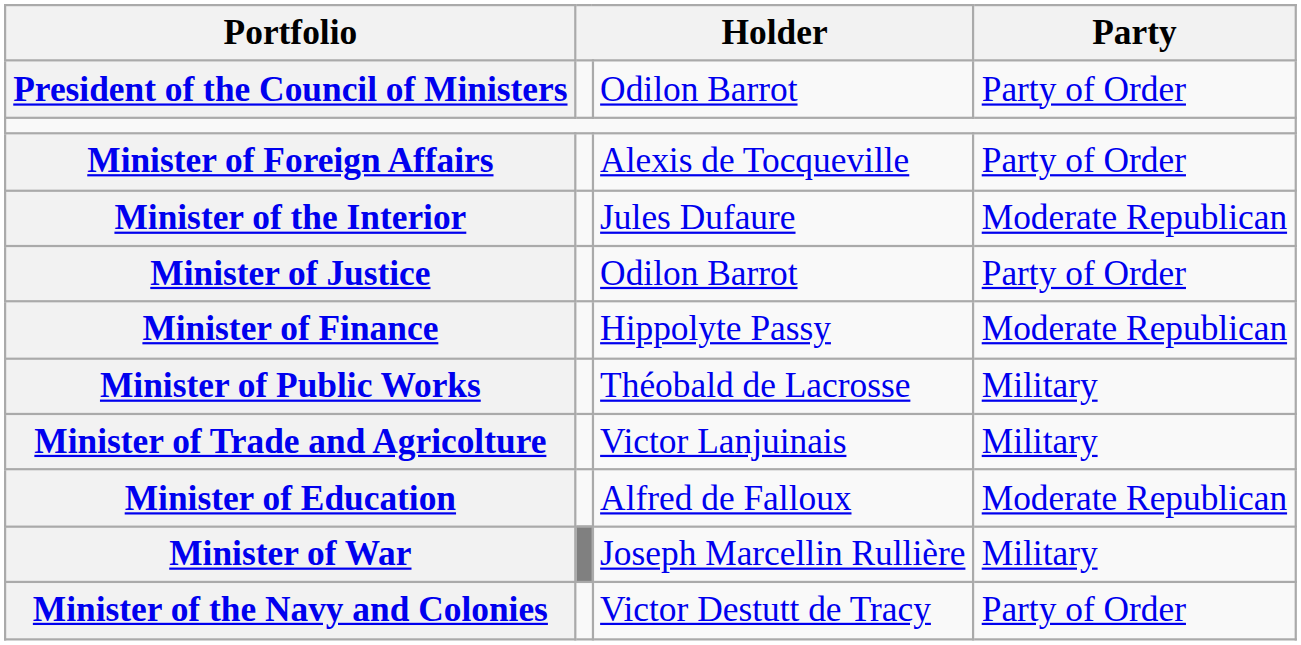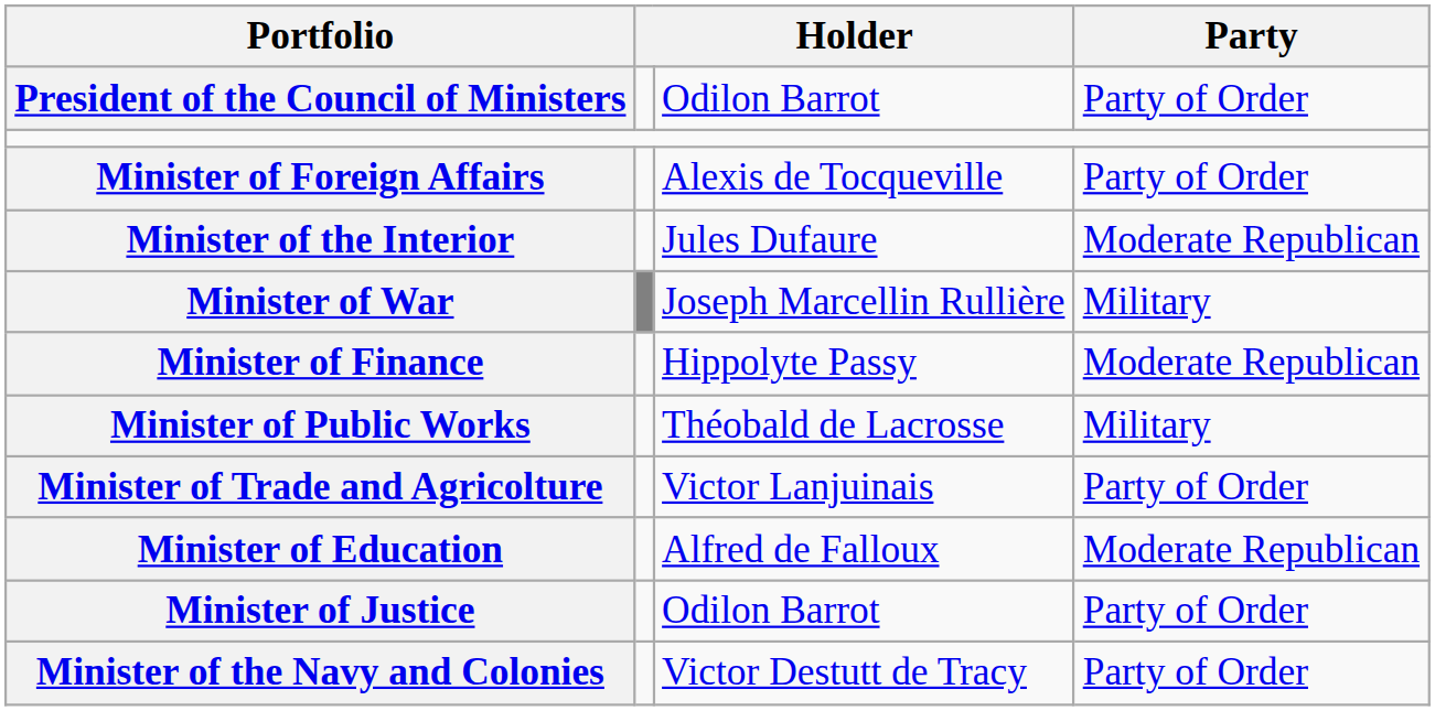 <table class="wikitable">
 <tr>
 <th>Portfolio</th>
 <th colspan=2>Holder</th>
 <th>Party</th>
 </tr>
 <tr>
 <th><a href='#'>President of the Council of Ministers</a></th>
 <td style="background:"></td>
 <td><a href='#'>Odilon Barrot</a></td>
 <td><a href='#'>Party of Order</a></td>
 </tr>
 <tr>
 <td colspan=4></td>
 </tr>
 <tr>
 <th><a href='#'>Minister of Foreign Affairs</a></th>
 <td style="background:"></td>
 <td><a href='#'>Alexis de Tocqueville</a></td>
 <td><a href='#'>Party of Order</a></td>
 </tr>
 <tr>
 <th><a href='#'>Minister of the Interior</a></th>
 <td style="background:"></td>
 <td><a href='#'>Jules Dufaure</a></td>
 <td><a href='#'>Moderate Republican</a></td>
 </tr>
 <tr>
-<th><a href='#'>Minister of Justice</a></th>
-<td style="background:"></td>
-<td><a href='#'>Odilon Barrot</a></td>
-<td><a href='#'>Party of Order</a></td>
+<th><a href='#'>Minister of War</a></th>
+<td style="background:#808080;"></td>
+<td><a href='#'>Joseph Marcellin Rullière</a></td>
+<td><a href='#'>Military</a></td>
 </tr>
 <tr>
 <th><a href='#'>Minister of Finance</a></th>
 <td style="background:"></td>
 <td><a href='#'>Hippolyte Passy</a></td>
 <td><a href='#'>Moderate Republican</a></td>
 </tr>
 <tr>
 <th><a href='#'>Minister of Public Works</a></th>
 <td style="background:"></td>
 <td><a href='#'>Théobald de Lacrosse</a></td>
 <td><a href='#'>Military</a></td>
 </tr>
 <tr>
 <th><a href='#'>Minister of Trade and Agricolture</a></th>
 <td style="background:"></td>
 <td><a href='#'>Victor Lanjuinais</a></td>
-<td><a href='#'>Military</a></td>
+<td><a href='#'>Party of Order</a></td>
 </tr>
 <tr>
 <th><a href='#'>Minister of Education</a></th>
 <td style="background:"></td>
 <td><a href='#'>Alfred de Falloux</a></td>
 <td><a href='#'>Moderate Republican</a></td>
 </tr>
 <tr>
-<th><a href='#'>Minister of War</a></th>
-<td style="background:#808080;"></td>
-<td><a href='#'>Joseph Marcellin Rullière</a></td>
-<td><a href='#'>Military</a></td>
+<th><a href='#'>Minister of Justice</a></th>
+<td style="background:"></td>
+<td><a href='#'>Odilon Barrot</a></td>
+<td><a href='#'>Party of Order</a></td>
 </tr>
 <tr>
 <th><a href='#'>Minister of the Navy and Colonies</a></th>
 <td style="background:"></td>
 <td><a href='#'>Victor Destutt de Tracy</a></td>
 <td><a href='#'>Party of Order</a></td>
 </tr>
 </table>
